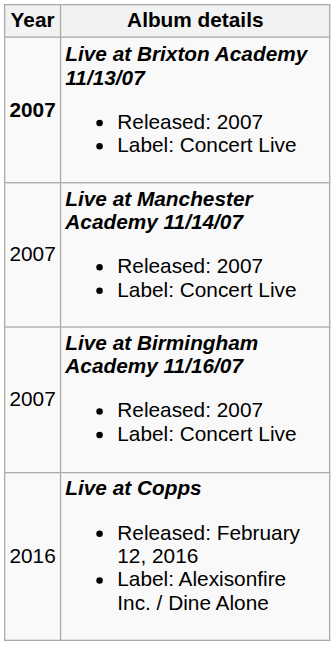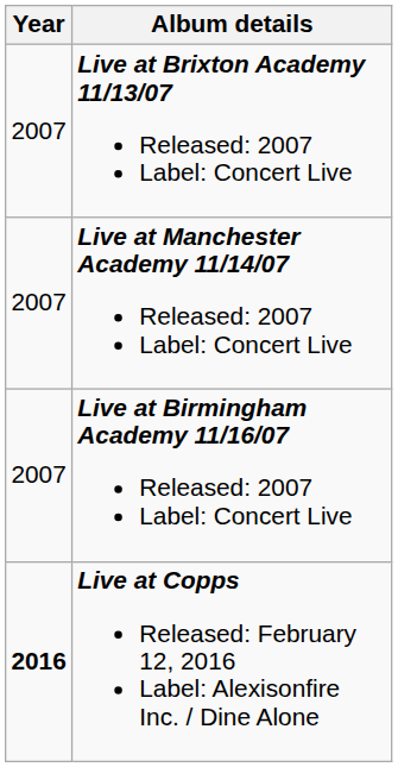 <table class="wikitable">
 <tr>
 <th>Year</th>
 <th width="200">Album details</th>
 </tr>
 <tr>
-<td><strong>2007</strong></td>
+<td>2007</td>
 <td><strong><em>Live at Brixton Academy 11/13/07</em></strong><br><ul><li>Released: 2007</li><li>Label: Concert Live</li></ul></td>
 </tr>
 <tr>
 <td>2007</td>
 <td><strong><em>Live at Manchester Academy 11/14/07</em></strong><br><ul><li>Released: 2007</li><li>Label: Concert Live</li></ul></td>
 </tr>
 <tr>
 <td>2007</td>
 <td><strong><em>Live at Birmingham Academy 11/16/07</em></strong><br><ul><li>Released: 2007</li><li>Label: Concert Live</li></ul></td>
 </tr>
 <tr>
-<td>2016</td>
+<td><strong>2016</strong></td>
 <td><strong><em>Live at Copps</em></strong><br><ul><li>Released: February 12, 2016</li><li>Label: Alexisonfire Inc. / Dine Alone</li></ul></td>
 </tr>
 </table>
